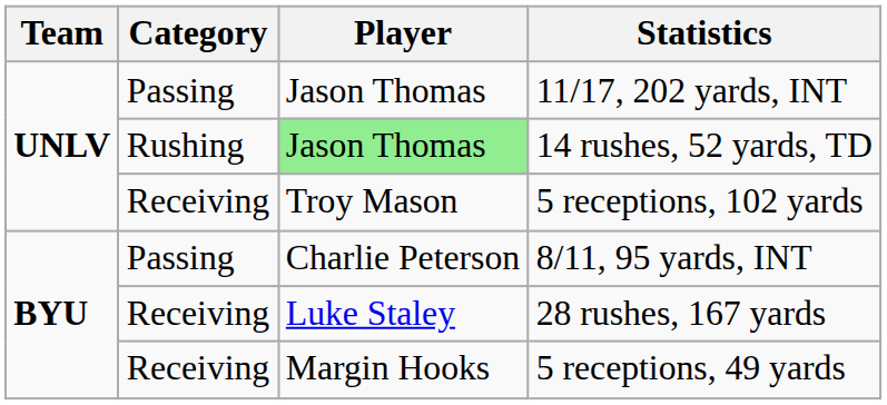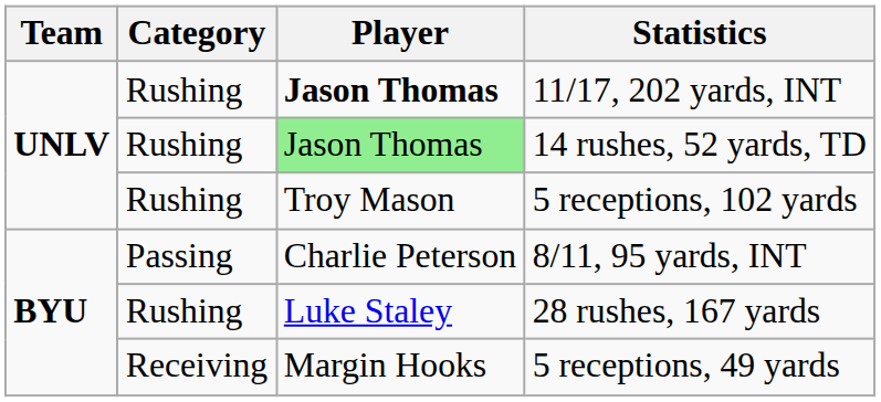 <table class="wikitable" style="float: left;">
 <tr>
 <th>Team</th>
 <th>Category</th>
 <th>Player</th>
 <th>Statistics</th>
 </tr>
 <tr>
 <td rowspan=3><strong>UNLV</strong></td>
-<td>Passing</td>
-<td>Jason Thomas</td>
+<td>Rushing</td>
+<td><strong>Jason Thomas</strong></td>
 <td>11/17, 202 yards, INT</td>
 </tr>
 <tr>
 <td>Rushing</td>
 <td style="background: lightgreen;">Jason Thomas</td>
 <td>14 rushes, 52 yards, TD</td>
 </tr>
 <tr>
-<td>Receiving</td>
+<td>Rushing</td>
 <td>Troy Mason</td>
 <td>5 receptions, 102 yards</td>
 </tr>
 <tr>
 <td rowspan=3><strong>BYU</strong></td>
 <td>Passing</td>
 <td>Charlie Peterson</td>
 <td>8/11, 95 yards, INT</td>
 </tr>
 <tr>
-<td>Receiving</td>
+<td>Rushing</td>
 <td><a href='#'>Luke Staley</a></td>
 <td>28 rushes, 167 yards</td>
 </tr>
 <tr>
 <td>Receiving</td>
 <td>Margin Hooks</td>
 <td>5 receptions, 49 yards</td>
 </tr>
 </table>
